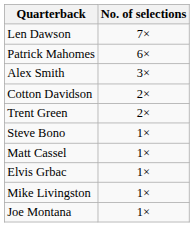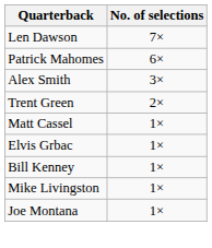 <table class="wikitable">
 <tr>
 <th>Quarterback</th>
 <th>No. of selections</th>
 </tr>
 <tr>
 <td>Len Dawson</td>
 <td style="text-align:center">7×</td>
 </tr>
 <tr>
 <td>Patrick Mahomes</td>
 <td style="text-align:center">6×</td>
 </tr>
 <tr>
 <td>Alex Smith</td>
 <td style="text-align:center">3×</td>
 </tr>
 <tr>
-<td>Cotton Davidson</td>
-<td style="text-align:center">2×</td>
-</tr>
-<tr>
 <td>Trent Green</td>
 <td style="text-align:center">2×</td>
-</tr>
-<tr>
-<td>Steve Bono</td>
-<td style="text-align:center">1×</td>
 </tr>
 <tr>
 <td>Matt Cassel</td>
 <td style="text-align:center">1×</td>
 </tr>
 <tr>
 <td>Elvis Grbac</td>
+<td style="text-align:center">1×</td>
+</tr>
+<tr>
+<td>Bill Kenney</td>
 <td style="text-align:center">1×</td>
 </tr>
 <tr>
 <td>Mike Livingston</td>
 <td style="text-align:center">1×</td>
 </tr>
 <tr>
 <td>Joe Montana</td>
 <td style="text-align:center">1×</td>
 </tr>
 </table>
